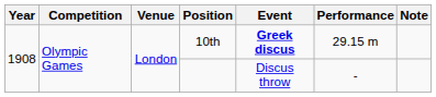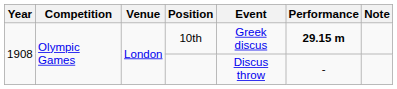 <table class="wikitable" width=55% style="font-size:90%; text-align:center;">
 <tr>
 <th>Year</th>
 <th>Competition</th>
 <th>Venue</th>
 <th>Position</th>
 <th>Event</th>
 <th>Performance</th>
 <th>Note</th>
 </tr>
 <tr>
 <td rowspan=2>1908</td>
 <td rowspan=2 align=left><a href='#'>Olympic Games</a></td>
 <td rowspan=2 align=left> <a href='#'>London</a></td>
 <td>10th</td>
-<td><strong><a href='#'>Greek discus</a></strong></td>
-<td>29.15 m</td>
+<td><a href='#'>Greek discus</a></td>
+<td><strong>29.15 m</strong></td>
 <td></td>
 </tr>
 <tr>
 <td></td>
 <td><a href='#'>Discus throw</a></td>
 <td>-</td>
 <td></td>
 </tr>
 </table>
